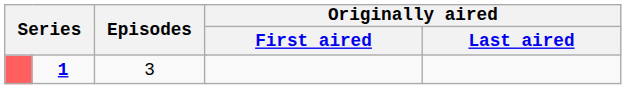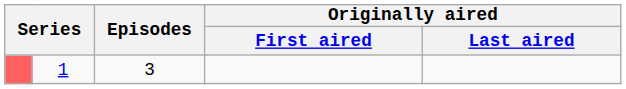 <table class="wikitable plainrowheaders" style="text-align:center;">
 <tr>
 <th scope="col" style="padding:0 9px;" rowspan="2" colspan="2">Series</th>
 <th scope="col" style="padding:0 9px;" colspan="2" rowspan="2">Episodes</th>
 <th scope="col" style="padding:0 90px;" colspan="2">Originally aired</th>
 </tr>
 <tr>
 <th scope="col"><a href='#'>First aired</a></th>
 <th scope="col"><a href='#'>Last aired</a></th>
 </tr>
 <tr>
 <td scope="row" style="background:#FF5F5F;"></td>
-<td><strong><a href='#'>1</a></strong></td>
+<td><a href='#'>1</a></td>
 <td colspan="2">3</td>
 <td></td>
 <td></td>
 </tr>
 </table>
